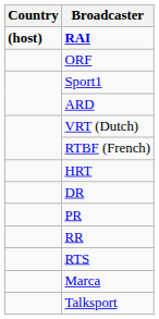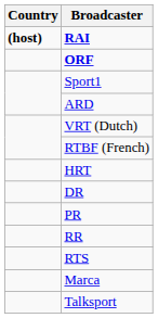 <table class="wikitable">
 <tr>
 <th>Country</th>
 <th>Broadcaster</th>
 </tr>
 <tr>
 <td><strong></strong> <strong>(host)</strong></td>
 <td><strong><a href='#'>RAI</a></strong></td>
 </tr>
 <tr>
 <td rowspan="2"></td>
-<td><a href='#'>ORF</a></td>
+<td><strong><a href='#'>ORF</a></strong></td>
 </tr>
 <tr>
 <td rowspan="2"><a href='#'>Sport1</a></td>
 </tr>
 <tr>
 <td rowspan="2"></td>
 </tr>
 <tr>
 <td><a href='#'>ARD</a></td>
 </tr>
 <tr>
 <td rowspan="2"></td>
 <td><a href='#'>VRT</a> (Dutch)</td>
 </tr>
 <tr>
 <td><a href='#'>RTBF</a> (French)</td>
 </tr>
 <tr>
 <td></td>
 <td><a href='#'>HRT</a></td>
 </tr>
 <tr>
 <td></td>
 <td><a href='#'>DR</a></td>
 </tr>
 <tr>
 <td></td>
 <td><a href='#'>PR</a></td>
 </tr>
 <tr>
 <td></td>
 <td><a href='#'>RR</a></td>
 </tr>
 <tr>
 <td></td>
 <td><a href='#'>RTS</a></td>
 </tr>
 <tr>
 <td></td>
 <td><a href='#'>Marca</a></td>
 </tr>
 <tr>
 <td></td>
 <td><a href='#'>Talksport</a></td>
 </tr>
 </table>
